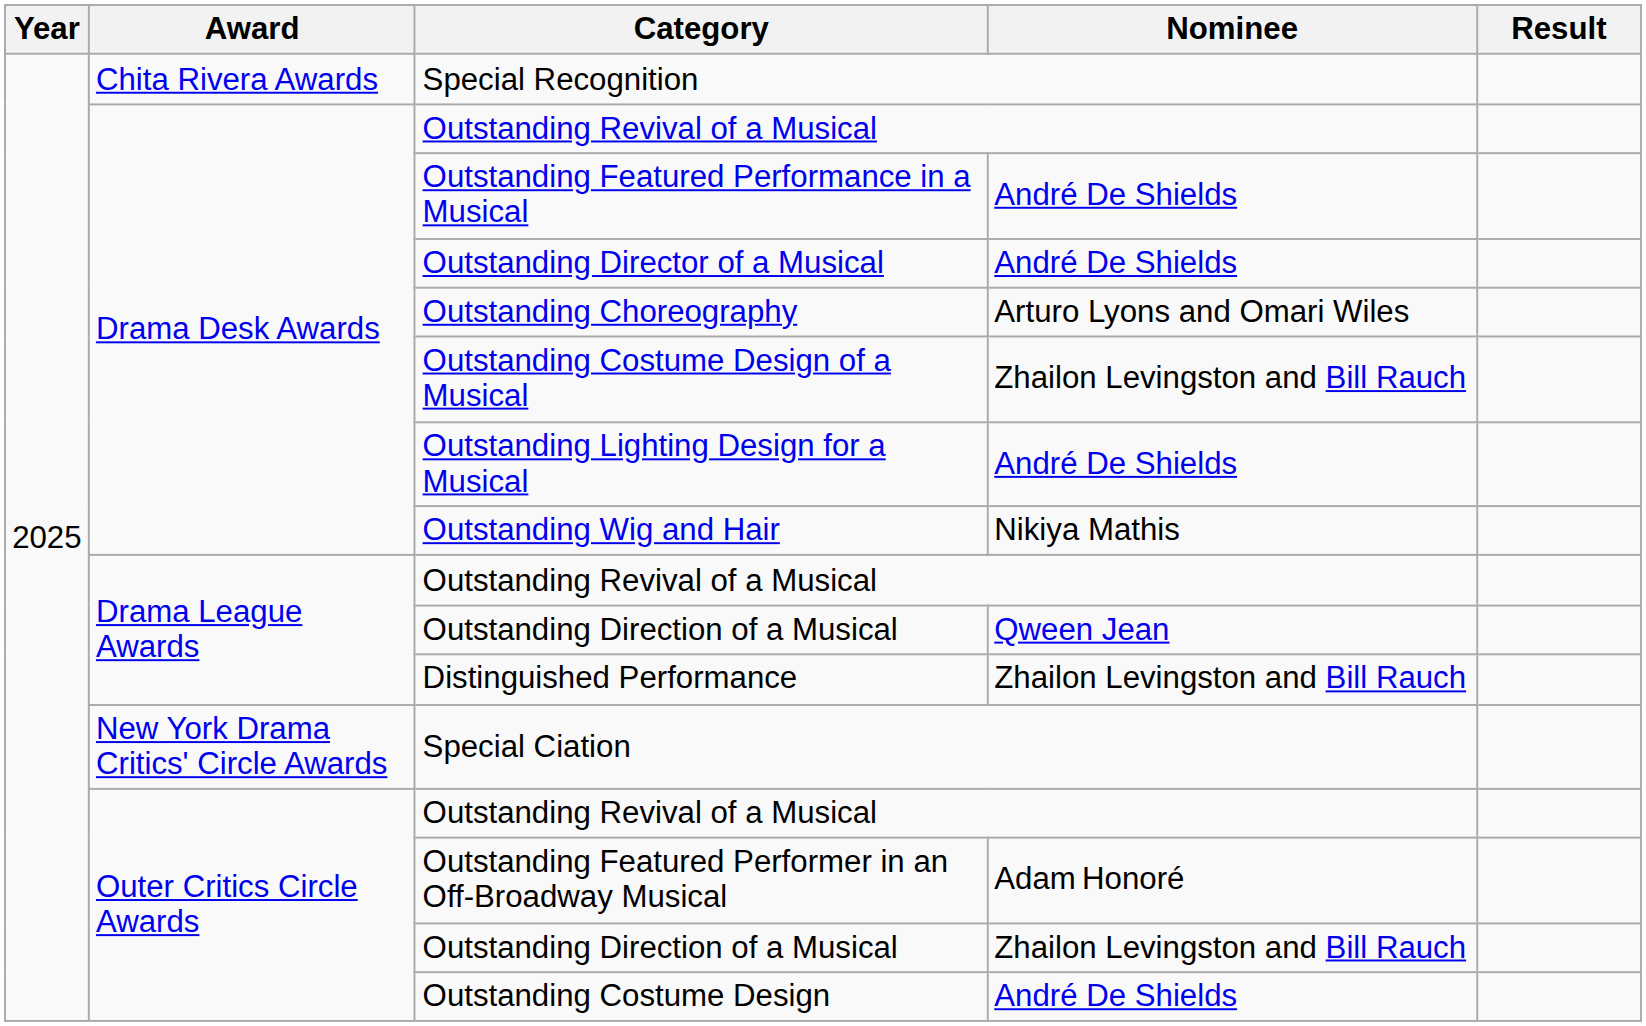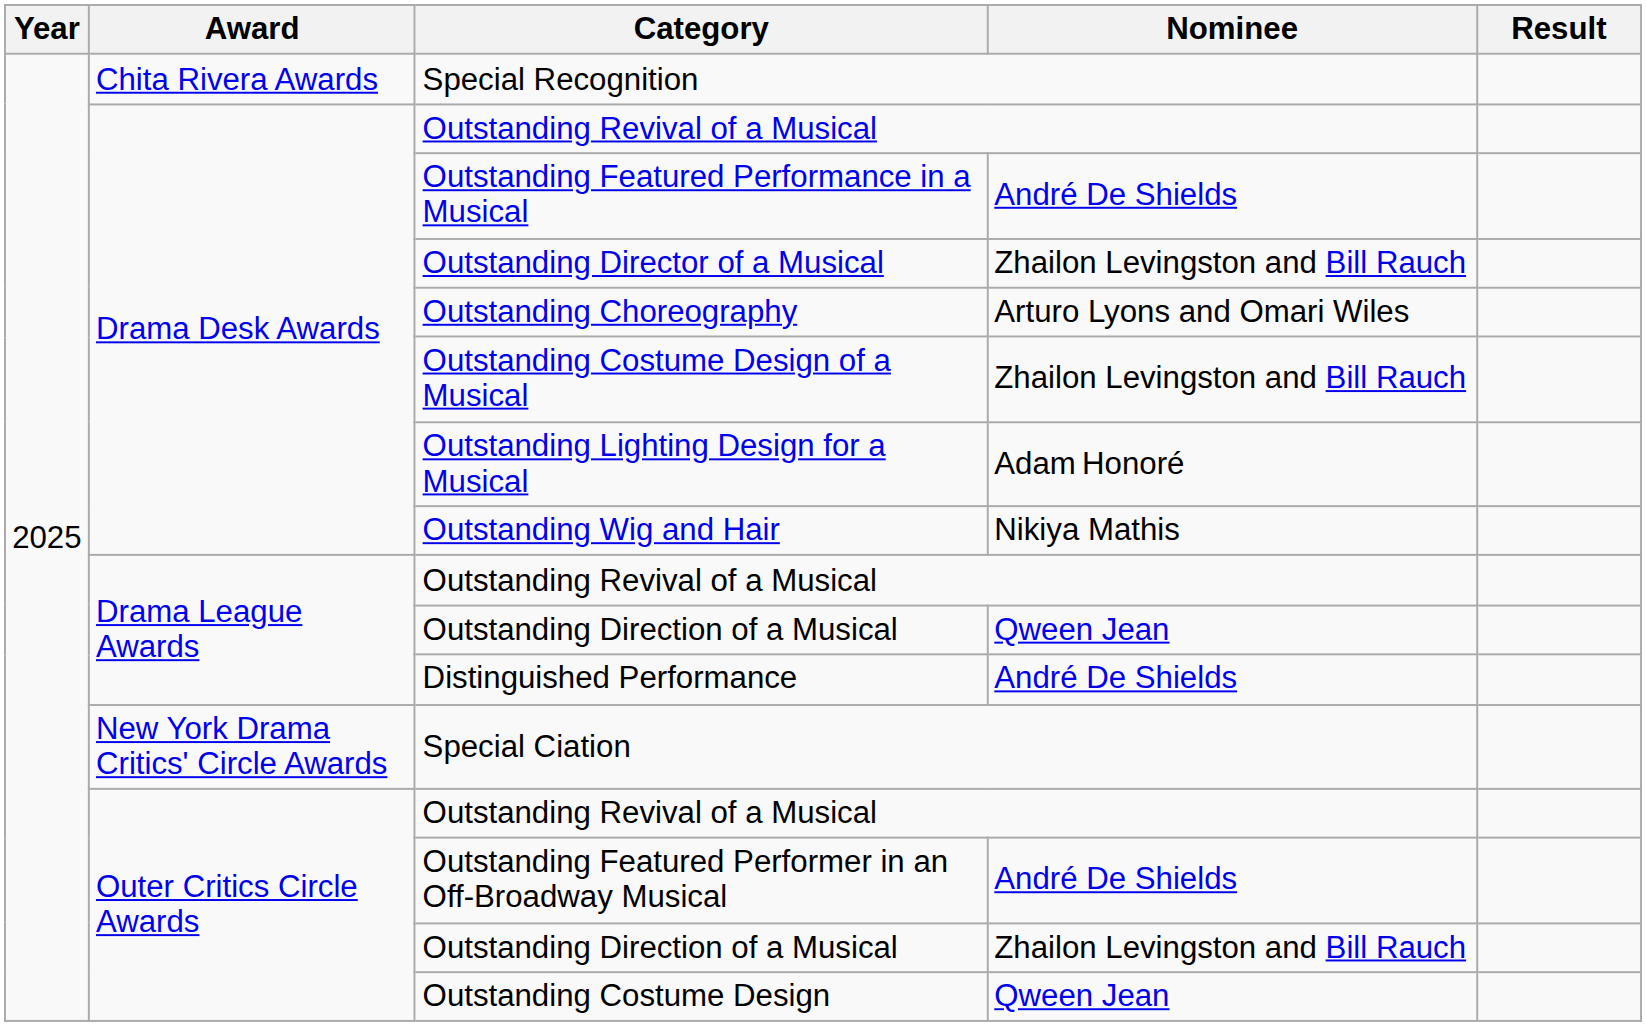 <table class="wikitable" style="width:95%;">
 <tr>
 <th width=5%>Year</th>
 <th style="width:20%;">Award</th>
 <th style="width:35%;">Category</th>
 <th style="width:30%;">Nominee</th>
 <th style="width:10%;">Result</th>
 </tr>
 <tr>
 <td rowspan="17">2025</td>
 <td><a href='#'>Chita Rivera Awards</a></td>
 <td colspan="2">Special Recognition</td>
 <td></td>
 </tr>
 <tr>
 <td rowspan="7"><a href='#'>Drama Desk Awards</a></td>
 <td colspan="2"><a href='#'>Outstanding Revival of a Musical</a></td>
 <td></td>
 </tr>
 <tr>
 <td><a href='#'>Outstanding Featured Performance in a Musical</a></td>
 <td><a href='#'>André De Shields</a></td>
 <td></td>
 </tr>
 <tr>
 <td><a href='#'>Outstanding Director of a Musical</a></td>
-<td><a href='#'>André De Shields</a></td>
+<td>Zhailon Levingston and <a href='#'>Bill Rauch</a></td>
 <td></td>
 </tr>
 <tr>
 <td><a href='#'>Outstanding Choreography</a></td>
 <td>Arturo Lyons and Omari Wiles</td>
 <td></td>
 </tr>
 <tr>
 <td><a href='#'>Outstanding Costume Design of a Musical</a></td>
 <td>Zhailon Levingston and <a href='#'>Bill Rauch</a></td>
 <td></td>
 </tr>
 <tr>
 <td><a href='#'>Outstanding Lighting Design for a Musical</a></td>
-<td><a href='#'>André De Shields</a></td>
+<td>Adam Honoré</td>
 <td></td>
 </tr>
 <tr>
 <td><a href='#'>Outstanding Wig and Hair</a></td>
 <td>Nikiya Mathis</td>
 <td></td>
 </tr>
 <tr>
 <td rowspan="3"><a href='#'>Drama League Awards</a></td>
 <td colspan="2">Outstanding Revival of a Musical</td>
 <td></td>
 </tr>
 <tr>
 <td>Outstanding Direction of a Musical</td>
 <td><a href='#'>Qween Jean</a></td>
 <td></td>
 </tr>
 <tr>
 <td>Distinguished Performance</td>
-<td>Zhailon Levingston and <a href='#'>Bill Rauch</a></td>
+<td><a href='#'>André De Shields</a></td>
 <td></td>
 </tr>
 <tr>
 <td><a href='#'>New York Drama Critics' Circle Awards</a></td>
 <td colspan="2">Special Ciation</td>
 <td></td>
 </tr>
 <tr>
 <td rowspan="4"><a href='#'>Outer Critics Circle Awards</a></td>
 <td colspan="2">Outstanding Revival of a Musical</td>
 <td></td>
 </tr>
 <tr>
 <td>Outstanding Featured Performer in an Off-Broadway Musical</td>
-<td>Adam Honoré</td>
+<td><a href='#'>André De Shields</a></td>
 <td></td>
 </tr>
 <tr>
 <td>Outstanding Direction of a Musical</td>
 <td>Zhailon Levingston and <a href='#'>Bill Rauch</a></td>
 <td></td>
 </tr>
 <tr>
 <td>Outstanding Costume Design</td>
-<td><a href='#'>André De Shields</a></td>
+<td><a href='#'>Qween Jean</a></td>
 <td></td>
 </tr>
 </table>
